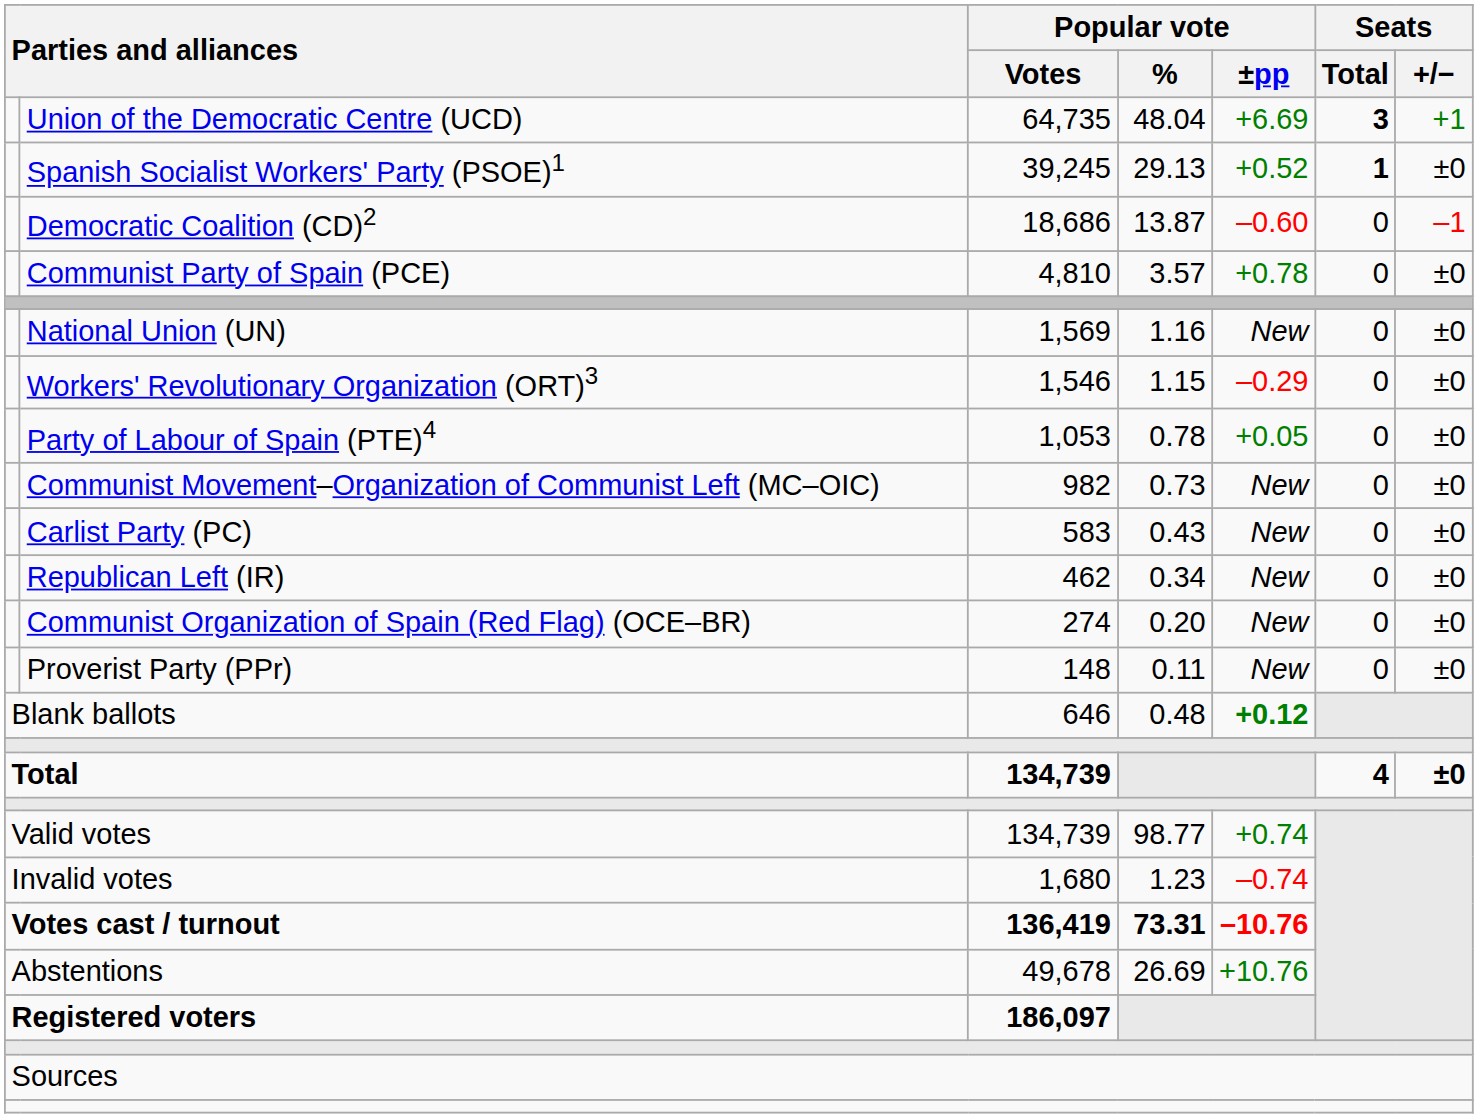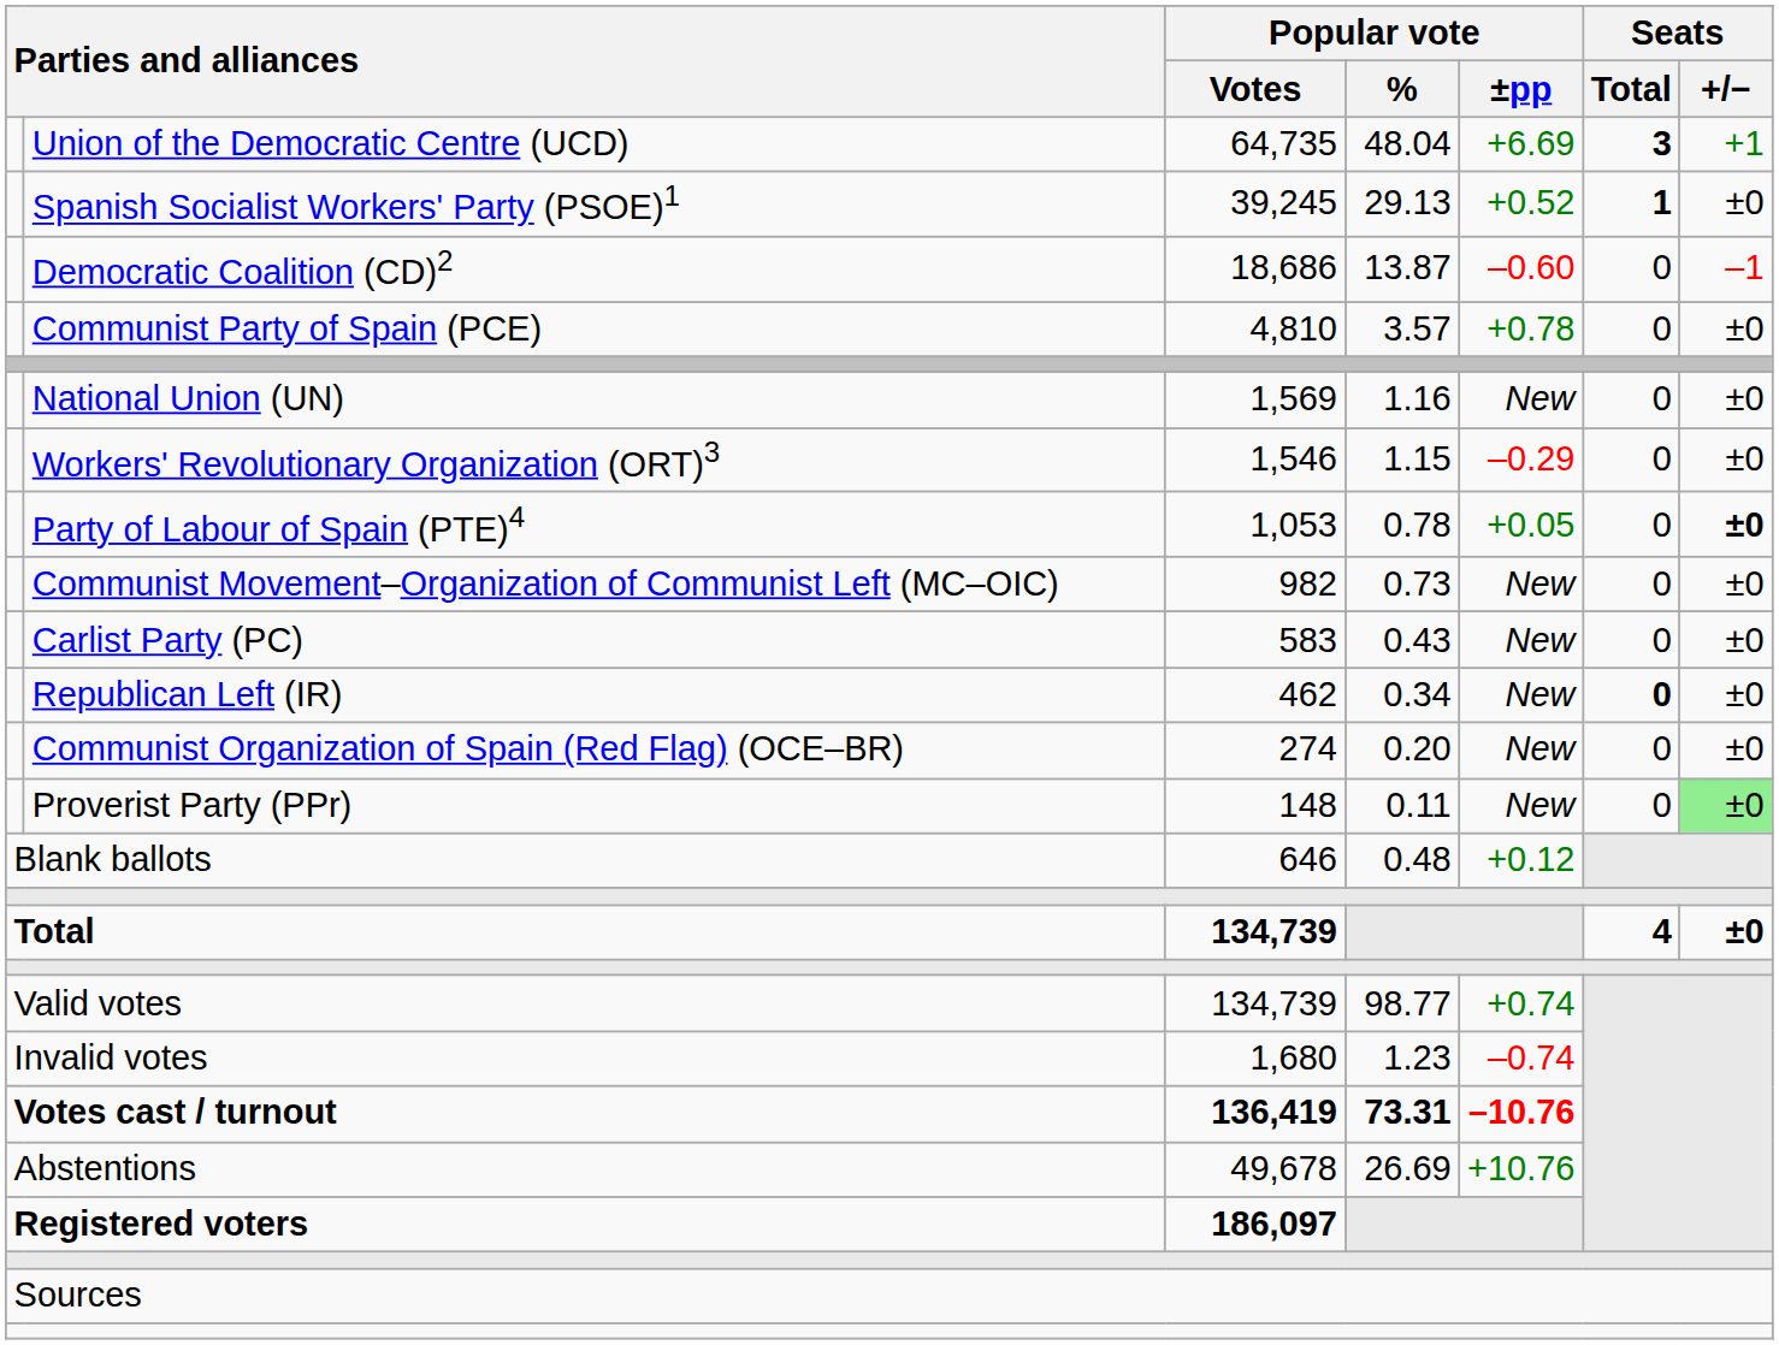 <table class="wikitable" style="text-align:right;">
 <tr>
 <th style="text-align:left;" rowspan="2" colspan="2" width="525">Parties and alliances</th>
 <th colspan="3">Popular vote</th>
 <th colspan="2">Seats</th>
 </tr>
 <tr>
 <th width="75">Votes</th>
 <th width="45">%</th>
 <th width="45">±<a href='#'>pp</a></th>
 <th width="35">Total</th>
 <th width="35">+/−</th>
 </tr>
 <tr>
 <td width="1" style="color:inherit;background:"></td>
 <td align="left"><a href='#'>Union of the Democratic Centre</a> (UCD)</td>
 <td>64,735</td>
 <td>48.04</td>
 <td style="color:green;">+6.69</td>
 <td><strong>3</strong></td>
 <td style="color:green;">+1</td>
 </tr>
 <tr>
 <td style="color:inherit;background:"></td>
 <td align="left"><a href='#'>Spanish Socialist Workers' Party</a> (PSOE)<sup>1</sup></td>
 <td>39,245</td>
 <td>29.13</td>
 <td style="color:green;">+0.52</td>
 <td><strong>1</strong></td>
 <td>±0</td>
 </tr>
 <tr>
 <td style="color:inherit;background:"></td>
 <td align="left"><a href='#'>Democratic Coalition</a> (CD)<sup>2</sup></td>
 <td>18,686</td>
 <td>13.87</td>
 <td style="color:red;">–0.60</td>
 <td>0</td>
 <td style="color:red;">–1</td>
 </tr>
 <tr>
 <td style="color:inherit;background:"></td>
 <td align="left"><a href='#'>Communist Party of Spain</a> (PCE)</td>
 <td>4,810</td>
 <td>3.57</td>
 <td style="color:green;">+0.78</td>
 <td>0</td>
 <td>±0</td>
 </tr>
 <tr>
 <td colspan="7" bgcolor="#C0C0C0"></td>
 </tr>
 <tr>
 <td style="color:inherit;background:"></td>
 <td align="left"><a href='#'>National Union</a> (UN)</td>
 <td>1,569</td>
 <td>1.16</td>
 <td><em>New</em></td>
 <td>0</td>
 <td>±0</td>
 </tr>
 <tr>
 <td style="color:inherit;background:"></td>
 <td align="left"><a href='#'>Workers' Revolutionary Organization</a> (ORT)<sup>3</sup></td>
 <td>1,546</td>
 <td>1.15</td>
 <td style="color:red;">–0.29</td>
 <td>0</td>
 <td>±0</td>
 </tr>
 <tr>
 <td style="color:inherit;background:"></td>
 <td align="left"><a href='#'>Party of Labour of Spain</a> (PTE)<sup>4</sup></td>
 <td>1,053</td>
 <td>0.78</td>
 <td style="color:green;">+0.05</td>
 <td>0</td>
-<td>±0</td>
+<td><strong>±0</strong></td>
 </tr>
 <tr>
 <td style="color:inherit;background:"></td>
 <td align="left"><a href='#'>Communist Movement</a>–<a href='#'>Organization of Communist Left</a> (MC–OIC)</td>
 <td>982</td>
 <td>0.73</td>
 <td><em>New</em></td>
 <td>0</td>
 <td>±0</td>
 </tr>
 <tr>
 <td style="color:inherit;background:"></td>
 <td align="left"><a href='#'>Carlist Party</a> (PC)</td>
 <td>583</td>
 <td>0.43</td>
 <td><em>New</em></td>
 <td>0</td>
 <td>±0</td>
 </tr>
 <tr>
 <td style="color:inherit;background:"></td>
 <td align="left"><a href='#'>Republican Left</a> (IR)</td>
 <td>462</td>
 <td>0.34</td>
 <td><em>New</em></td>
-<td>0</td>
+<td><strong>0</strong></td>
 <td>±0</td>
 </tr>
 <tr>
 <td style="color:inherit;background:"></td>
 <td align="left"><a href='#'>Communist Organization of Spain (Red Flag)</a> (OCE–BR)</td>
 <td>274</td>
 <td>0.20</td>
 <td><em>New</em></td>
 <td>0</td>
 <td>±0</td>
 </tr>
 <tr>
 <td style="color:inherit;background:"></td>
 <td align="left">Proverist Party (PPr)</td>
 <td>148</td>
 <td>0.11</td>
 <td><em>New</em></td>
 <td>0</td>
-<td>±0</td>
+<td style="background: lightgreen;">±0</td>
 </tr>
 <tr>
 <td align="left" colspan="2">Blank ballots</td>
 <td>646</td>
 <td>0.48</td>
-<td style="color:green;"><strong>+0.12</strong></td>
+<td style="color:green;">+0.12</td>
 <td bgcolor="#E9E9E9" colspan="2"></td>
 </tr>
 <tr>
 <td colspan="7" bgcolor="#E9E9E9"></td>
 </tr>
 <tr style="font-weight:bold;">
 <td align="left" colspan="2">Total</td>
 <td>134,739</td>
 <td bgcolor="#E9E9E9" colspan="2"></td>
 <td>4</td>
 <td>±0</td>
 </tr>
 <tr>
 <td colspan="7" bgcolor="#E9E9E9"></td>
 </tr>
 <tr>
 <td align="left" colspan="2">Valid votes</td>
 <td>134,739</td>
 <td>98.77</td>
 <td style="color:green;">+0.74</td>
 <td bgcolor="#E9E9E9" colspan="2" rowspan="5"></td>
 </tr>
 <tr>
 <td align="left" colspan="2">Invalid votes</td>
 <td>1,680</td>
 <td>1.23</td>
 <td style="color:red;">–0.74</td>
 </tr>
 <tr style="font-weight:bold;">
 <td align="left" colspan="2">Votes cast / turnout</td>
 <td>136,419</td>
 <td>73.31</td>
 <td style="color:red;">–10.76</td>
 </tr>
 <tr>
 <td align="left" colspan="2">Abstentions</td>
 <td>49,678</td>
 <td>26.69</td>
 <td style="color:green;">+10.76</td>
 </tr>
 <tr style="font-weight:bold;">
 <td align="left" colspan="2">Registered voters</td>
 <td>186,097</td>
 <td bgcolor="#E9E9E9" colspan="2"></td>
 </tr>
 <tr>
 <td colspan="7" bgcolor="#E9E9E9"></td>
 </tr>
 <tr>
 <td align="left" colspan="7">Sources</td>
 </tr>
 <tr>
 <td colspan="7" style="text-align:left; max-width:790px;"></td>
 </tr>
 </table>
